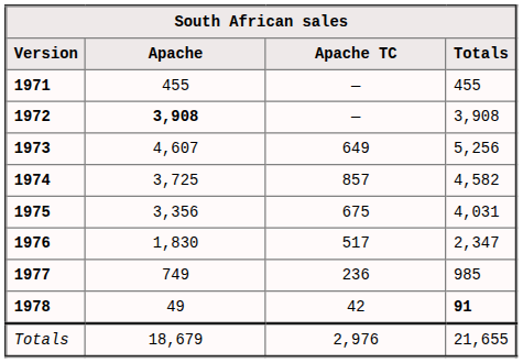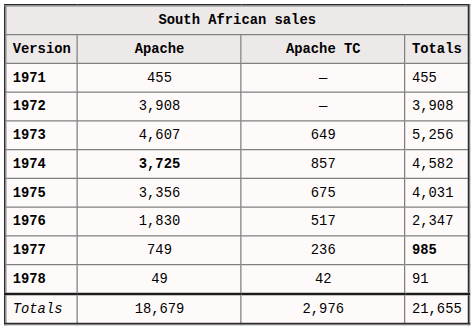 <table border="2" cellspacing="0" cellpadding="5" rules="all" border:solid 2px #1C1C1C; style="margin:1em 1em 1em 0; border-collapse:collapse; background-color:#FFFAFA; font-size:85%; empty-cells:show;">
 <tr>
 <td colspan="4" align="center" style="background-color:#EEE9E9;"><strong>South African sales</strong></td>
 </tr>
 <tr>
 <td style="background-color:#EEE9E9;"><strong>Version</strong></td>
 <td colspan="1" align="center" width=120 style="background-color:#EEE9E9;"><strong>Apache</strong></td>
 <td colspan="1" align="center" width=120 style="background-color:#EEE9E9;"><strong>Apache TC</strong></td>
 <td colspan="1" align="center" style="background-color:#EEE9E9;"><strong>Totals</strong></td>
 </tr>
 <tr>
 <td><strong>1971</strong></td>
 <td colspan="1" align="center">455</td>
 <td colspan="1" align="center">—</td>
 <td>455</td>
 </tr>
 <tr>
 <td><strong>1972</strong></td>
-<td colspan="1" align="center"><strong>3,908</strong></td>
+<td colspan="1" align="center">3,908</td>
 <td colspan="1" align="center">—</td>
 <td>3,908</td>
 </tr>
 <tr>
 <td><strong>1973</strong></td>
 <td colspan="1" align="center">4,607</td>
 <td colspan="1" align="center">649</td>
 <td>5,256</td>
 </tr>
 <tr>
 <td><strong>1974</strong></td>
-<td colspan="1" align="center">3,725</td>
+<td colspan="1" align="center"><strong>3,725</strong></td>
 <td colspan="1" align="center">857</td>
 <td>4,582</td>
 </tr>
 <tr>
 <td><strong>1975</strong></td>
 <td colspan="1" align="center">3,356</td>
 <td colspan="1" align="center">675</td>
 <td>4,031</td>
 </tr>
 <tr>
 <td><strong>1976</strong></td>
 <td colspan="1" align="center">1,830</td>
 <td colspan="1" align="center">517</td>
 <td>2,347</td>
 </tr>
 <tr>
 <td><strong>1977</strong></td>
 <td colspan="1" align="center">749</td>
 <td colspan="1" align="center">236</td>
-<td>985</td>
+<td><strong>985</strong></td>
 </tr>
 <tr>
 <td style="border-bottom:solid 2px #1C1C1C;"><strong>1978</strong></td>
 <td style="border-bottom:solid 2px #1C1C1C;" align="center">49</td>
 <td style="border-bottom:solid 2px #1C1C1C;" align="center">42</td>
-<td style="border-bottom:solid 2px #1C1C1C;"><strong>91</strong></td>
+<td style="border-bottom:solid 2px #1C1C1C;">91</td>
 </tr>
 <tr>
 <td><em>Totals<strong></td>
 <td align="center">18,679</td>
 <td align="center">2,976</td>
 <td>21,655</td>
 </tr>
 </table>
